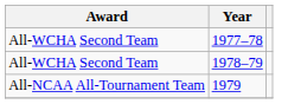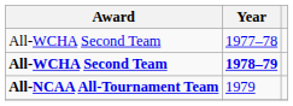 <table class="wikitable">
 <tr>
 <th>Award</th>
 <th>Year</th>
 <th></th>
 </tr>
 <tr>
 <td>All-<a href='#'>WCHA</a> <a href='#'>Second Team</a></td>
 <td><a href='#'>1977–78</a></td>
 <td></td>
 </tr>
 <tr>
-<td>All-<a href='#'>WCHA</a> <a href='#'>Second Team</a></td>
-<td><a href='#'>1978–79</a></td>
+<td><strong>All-<a href='#'>WCHA</a> <a href='#'>Second Team</a></strong></td>
+<td><strong><a href='#'>1978–79</a></strong></td>
 <td></td>
 </tr>
 <tr>
-<td>All-<a href='#'>NCAA</a> <a href='#'>All-Tournament Team</a></td>
+<td><strong>All-<a href='#'>NCAA</a> <a href='#'>All-Tournament Team</a></strong></td>
 <td><a href='#'>1979</a></td>
 <td></td>
 </tr>
 <tr>
 </tr>
 </table>
